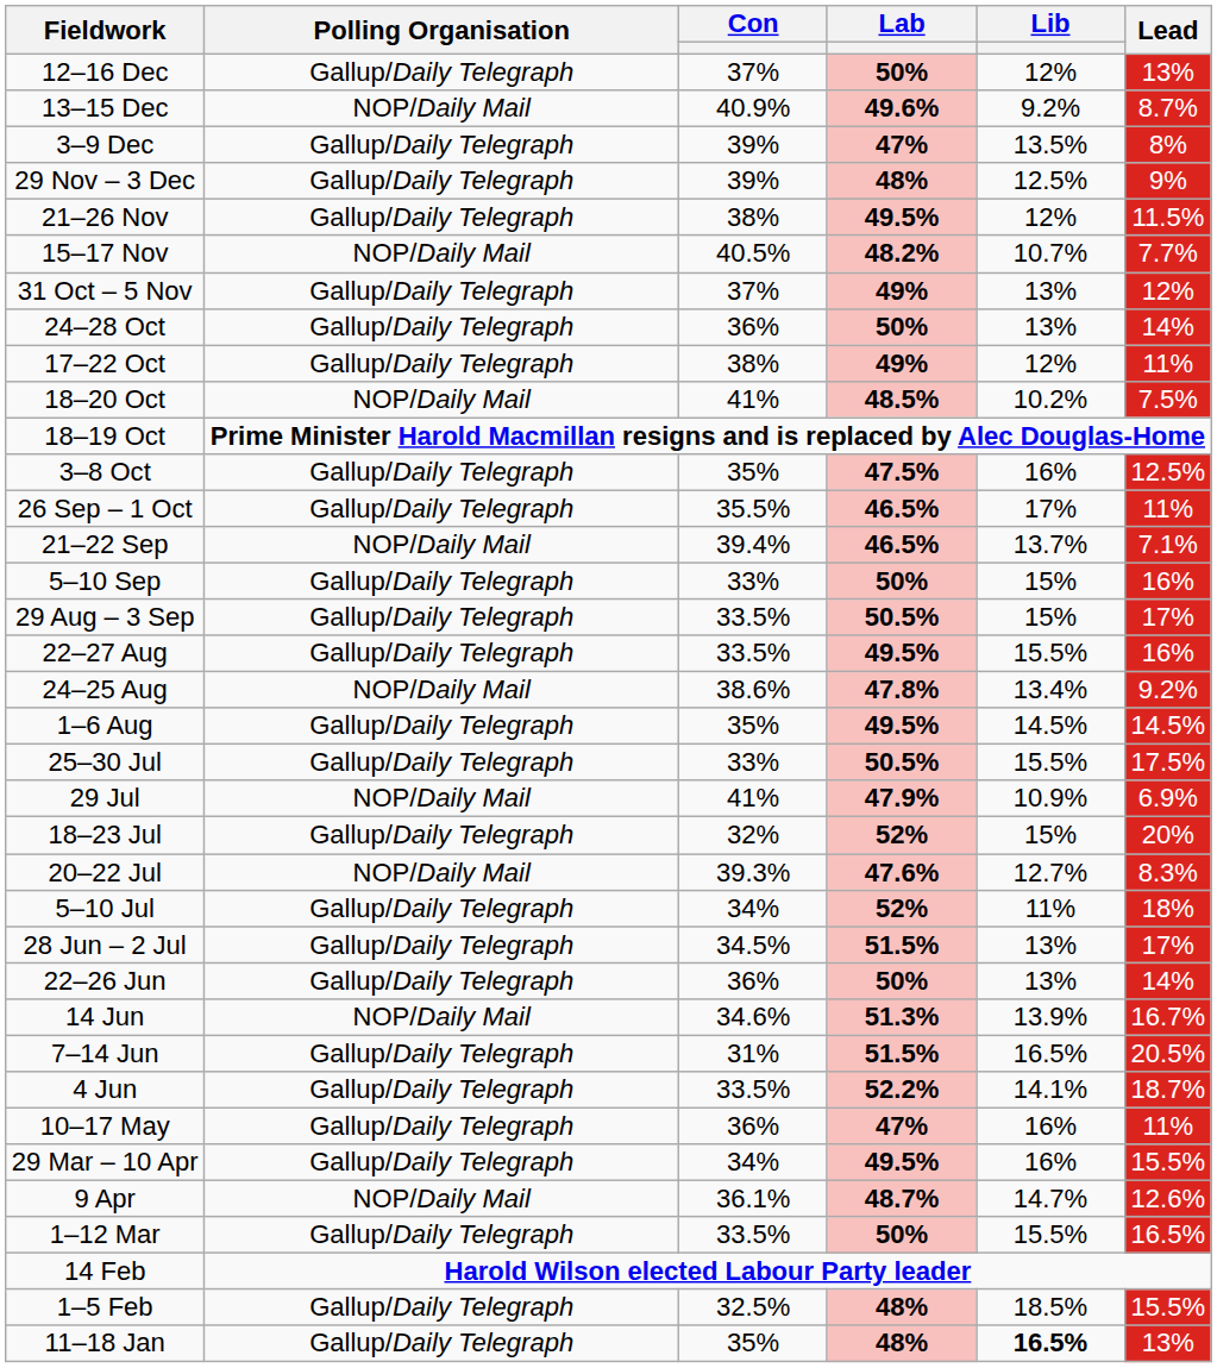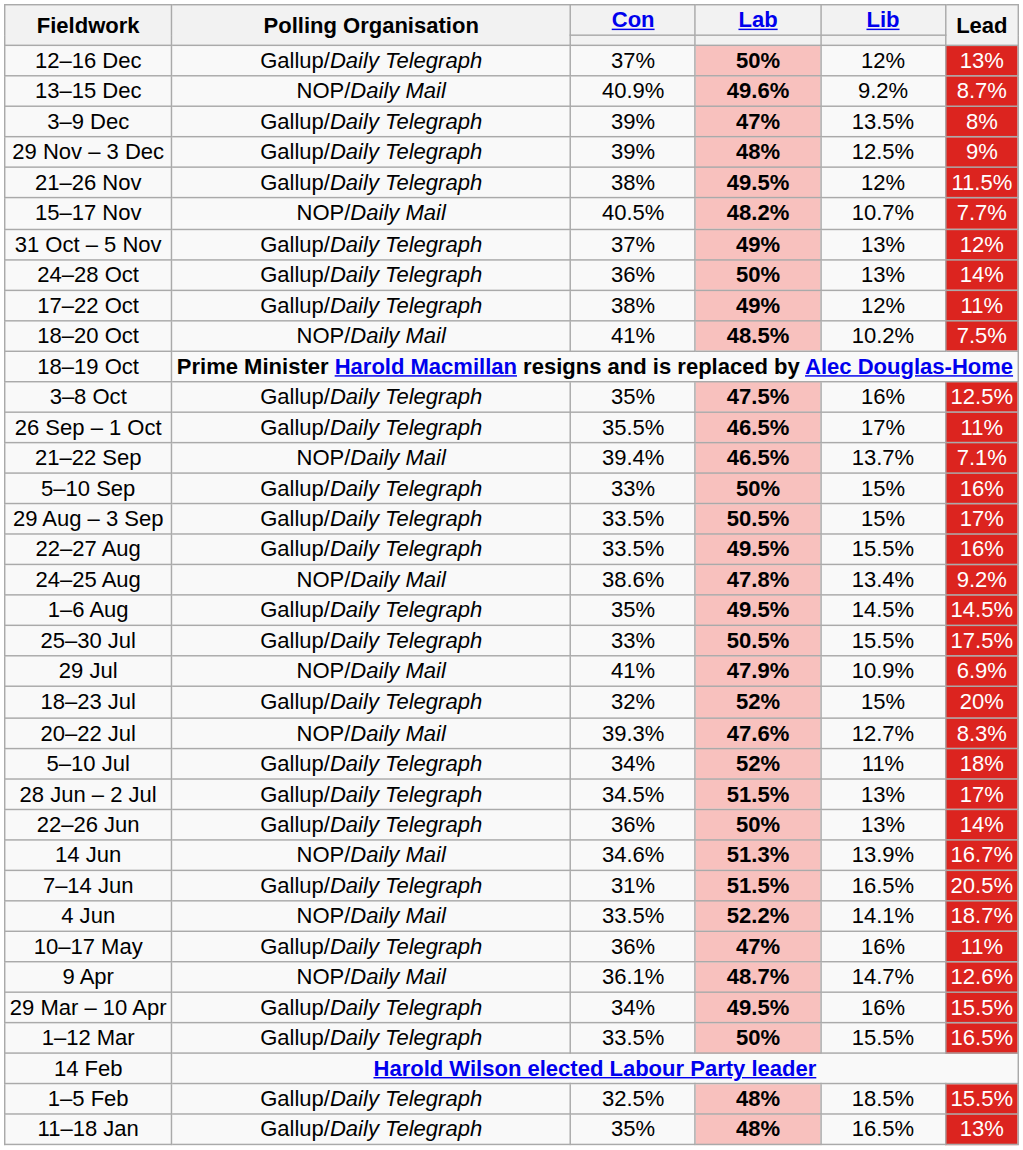 <table class="wikitable" style="text-align: center; line-height: 14px; font-size: 95%;">
 <tr>
 <th rowspan="2">Fieldwork</th>
 <th rowspan="2">Polling Organisation</th>
 <th><a href='#'>Con</a></th>
 <th><a href='#'>Lab</a></th>
 <th><a href='#'>Lib</a></th>
 <th class="unsortable" style="width:20px;" rowspan="2">Lead</th>
 </tr>
 <tr>
 <th style="background:"></th>
 <th style="background:"></th>
 <th style="background:"></th>
 </tr>
 <tr>
 <td>12–16 Dec</td>
 <td>Gallup/<em>Daily Telegraph</em></td>
 <td>37%</td>
 <td style="background:#F8C1BE"><strong>50%</strong></td>
 <td>12%</td>
 <td style="background:#DC241F; color:white;">13%</td>
 </tr>
 <tr>
 <td>13–15 Dec</td>
 <td>NOP/<em>Daily Mail</em></td>
 <td>40.9%</td>
 <td style="background:#F8C1BE"><strong>49.6%</strong></td>
 <td>9.2%</td>
 <td style="background:#DC241F; color:white;">8.7%</td>
 </tr>
 <tr>
 <td>3–9 Dec</td>
 <td>Gallup/<em>Daily Telegraph</em></td>
 <td>39%</td>
 <td style="background:#F8C1BE"><strong>47%</strong></td>
 <td>13.5%</td>
 <td style="background:#DC241F; color:white;">8%</td>
 </tr>
 <tr>
 <td>29 Nov – 3 Dec</td>
 <td>Gallup/<em>Daily Telegraph</em></td>
 <td>39%</td>
 <td style="background:#F8C1BE"><strong>48%</strong></td>
 <td>12.5%</td>
 <td style="background:#DC241F; color:white;">9%</td>
 </tr>
 <tr>
 <td>21–26 Nov</td>
 <td>Gallup/<em>Daily Telegraph</em></td>
 <td>38%</td>
 <td style="background:#F8C1BE"><strong>49.5%</strong></td>
 <td>12%</td>
 <td style="background:#DC241F; color:white;">11.5%</td>
 </tr>
 <tr>
 <td>15–17 Nov</td>
 <td>NOP/<em>Daily Mail</em></td>
 <td>40.5%</td>
 <td style="background:#F8C1BE"><strong>48.2%</strong></td>
 <td>10.7%</td>
 <td style="background:#DC241F; color:white;">7.7%</td>
 </tr>
 <tr>
 <td>31 Oct – 5 Nov</td>
 <td>Gallup/<em>Daily Telegraph</em></td>
 <td>37%</td>
 <td style="background:#F8C1BE"><strong>49%</strong></td>
 <td>13%</td>
 <td style="background:#DC241F; color:white;">12%</td>
 </tr>
 <tr>
 <td>24–28 Oct</td>
 <td>Gallup/<em>Daily Telegraph</em></td>
 <td>36%</td>
 <td style="background:#F8C1BE"><strong>50%</strong></td>
 <td>13%</td>
 <td style="background:#DC241F; color:white;">14%</td>
 </tr>
 <tr>
 <td>17–22 Oct</td>
 <td>Gallup/<em>Daily Telegraph</em></td>
 <td>38%</td>
 <td style="background:#F8C1BE"><strong>49%</strong></td>
 <td>12%</td>
 <td style="background:#DC241F; color:white;">11%</td>
 </tr>
 <tr>
 <td>18–20 Oct</td>
 <td>NOP/<em>Daily Mail</em></td>
 <td>41%</td>
 <td style="background:#F8C1BE"><strong>48.5%</strong></td>
 <td>10.2%</td>
 <td style="background:#DC241F; color:white;">7.5%</td>
 </tr>
 <tr>
 <td>18–19 Oct</td>
 <td colspan="5"><strong>Prime Minister <a href='#'>Harold Macmillan</a> resigns and is replaced by <a href='#'>Alec Douglas-Home</a></strong></td>
 </tr>
 <tr>
 <td>3–8 Oct</td>
 <td>Gallup/<em>Daily Telegraph</em></td>
 <td>35%</td>
 <td style="background:#F8C1BE"><strong>47.5%</strong></td>
 <td>16%</td>
 <td style="background:#DC241F; color:white;">12.5%</td>
 </tr>
 <tr>
 <td>26 Sep – 1 Oct</td>
 <td>Gallup/<em>Daily Telegraph</em></td>
 <td>35.5%</td>
 <td style="background:#F8C1BE"><strong>46.5%</strong></td>
 <td>17%</td>
 <td style="background:#DC241F; color:white;">11%</td>
 </tr>
 <tr>
 <td>21–22 Sep</td>
 <td>NOP/<em>Daily Mail</em></td>
 <td>39.4%</td>
 <td style="background:#F8C1BE"><strong>46.5%</strong></td>
 <td>13.7%</td>
 <td style="background:#DC241F; color:white;">7.1%</td>
 </tr>
 <tr>
 <td>5–10 Sep</td>
 <td>Gallup/<em>Daily Telegraph</em></td>
 <td>33%</td>
 <td style="background:#F8C1BE"><strong>50%</strong></td>
 <td>15%</td>
 <td style="background:#DC241F; color:white;">16%</td>
 </tr>
 <tr>
 <td>29 Aug – 3 Sep</td>
 <td>Gallup/<em>Daily Telegraph</em></td>
 <td>33.5%</td>
 <td style="background:#F8C1BE"><strong>50.5%</strong></td>
 <td>15%</td>
 <td style="background:#DC241F; color:white;">17%</td>
 </tr>
 <tr>
 <td>22–27 Aug</td>
 <td>Gallup/<em>Daily Telegraph</em></td>
 <td>33.5%</td>
 <td style="background:#F8C1BE"><strong>49.5%</strong></td>
 <td>15.5%</td>
 <td style="background:#DC241F; color:white;">16%</td>
 </tr>
 <tr>
 <td>24–25 Aug</td>
 <td>NOP/<em>Daily Mail</em></td>
 <td>38.6%</td>
 <td style="background:#F8C1BE"><strong>47.8%</strong></td>
 <td>13.4%</td>
 <td style="background:#DC241F; color:white;">9.2%</td>
 </tr>
 <tr>
 <td>1–6 Aug</td>
 <td>Gallup/<em>Daily Telegraph</em></td>
 <td>35%</td>
 <td style="background:#F8C1BE"><strong>49.5%</strong></td>
 <td>14.5%</td>
 <td style="background:#DC241F; color:white;">14.5%</td>
 </tr>
 <tr>
 <td>25–30 Jul</td>
 <td>Gallup/<em>Daily Telegraph</em></td>
 <td>33%</td>
 <td style="background:#F8C1BE"><strong>50.5%</strong></td>
 <td>15.5%</td>
 <td style="background:#DC241F; color:white;">17.5%</td>
 </tr>
 <tr>
 <td>29 Jul</td>
 <td>NOP/<em>Daily Mail</em></td>
 <td>41%</td>
 <td style="background:#F8C1BE"><strong>47.9%</strong></td>
 <td>10.9%</td>
 <td style="background:#DC241F; color:white;">6.9%</td>
 </tr>
 <tr>
 <td>18–23 Jul</td>
 <td>Gallup/<em>Daily Telegraph</em></td>
 <td>32%</td>
 <td style="background:#F8C1BE"><strong>52%</strong></td>
 <td>15%</td>
 <td style="background:#DC241F; color:white;">20%</td>
 </tr>
 <tr>
 <td>20–22 Jul</td>
 <td>NOP/<em>Daily Mail</em></td>
 <td>39.3%</td>
 <td style="background:#F8C1BE"><strong>47.6%</strong></td>
 <td>12.7%</td>
 <td style="background:#DC241F; color:white;">8.3%</td>
 </tr>
 <tr>
 <td>5–10 Jul</td>
 <td>Gallup/<em>Daily Telegraph</em></td>
 <td>34%</td>
 <td style="background:#F8C1BE"><strong>52%</strong></td>
 <td>11%</td>
 <td style="background:#DC241F; color:white;">18%</td>
 </tr>
 <tr>
 <td>28 Jun – 2 Jul</td>
 <td>Gallup/<em>Daily Telegraph</em></td>
 <td>34.5%</td>
 <td style="background:#F8C1BE"><strong>51.5%</strong></td>
 <td>13%</td>
 <td style="background:#DC241F; color:white;">17%</td>
 </tr>
 <tr>
 <td>22–26 Jun</td>
 <td>Gallup/<em>Daily Telegraph</em></td>
 <td>36%</td>
 <td style="background:#F8C1BE"><strong>50%</strong></td>
 <td>13%</td>
 <td style="background:#DC241F; color:white;">14%</td>
 </tr>
 <tr>
 <td>14 Jun</td>
 <td>NOP/<em>Daily Mail</em></td>
 <td>34.6%</td>
 <td style="background:#F8C1BE"><strong>51.3%</strong></td>
 <td>13.9%</td>
 <td style="background:#DC241F; color:white;">16.7%</td>
 </tr>
 <tr>
 <td>7–14 Jun</td>
 <td>Gallup/<em>Daily Telegraph</em></td>
 <td>31%</td>
 <td style="background:#F8C1BE"><strong>51.5%</strong></td>
 <td>16.5%</td>
 <td style="background:#DC241F; color:white;">20.5%</td>
 </tr>
 <tr>
 <td>4 Jun</td>
-<td>Gallup/<em>Daily Telegraph</em></td>
+<td>NOP/<em>Daily Mail</em></td>
 <td>33.5%</td>
 <td style="background:#F8C1BE"><strong>52.2%</strong></td>
 <td>14.1%</td>
 <td style="background:#DC241F; color:white;">18.7%</td>
 </tr>
 <tr>
 <td>10–17 May</td>
 <td>Gallup/<em>Daily Telegraph</em></td>
 <td>36%</td>
 <td style="background:#F8C1BE"><strong>47%</strong></td>
 <td>16%</td>
 <td style="background:#DC241F; color:white;">11%</td>
 </tr>
 <tr>
+<td>9 Apr</td>
+<td>NOP/<em>Daily Mail</em></td>
+<td>36.1%</td>
+<td style="background:#F8C1BE"><strong>48.7%</strong></td>
+<td>14.7%</td>
+<td style="background:#DC241F; color:white;">12.6%</td>
+</tr>
+<tr>
 <td>29 Mar – 10 Apr</td>
 <td>Gallup/<em>Daily Telegraph</em></td>
 <td>34%</td>
 <td style="background:#F8C1BE"><strong>49.5%</strong></td>
 <td>16%</td>
 <td style="background:#DC241F; color:white;">15.5%</td>
-</tr>
-<tr>
-<td>9 Apr</td>
-<td>NOP/<em>Daily Mail</em></td>
-<td>36.1%</td>
-<td style="background:#F8C1BE"><strong>48.7%</strong></td>
-<td>14.7%</td>
-<td style="background:#DC241F; color:white;">12.6%</td>
 </tr>
 <tr>
 <td>1–12 Mar</td>
 <td>Gallup/<em>Daily Telegraph</em></td>
 <td>33.5%</td>
 <td style="background:#F8C1BE"><strong>50%</strong></td>
 <td>15.5%</td>
 <td style="background:#DC241F; color:white;">16.5%</td>
 </tr>
 <tr>
 <td>14 Feb</td>
 <td colspan="5"><strong><a href='#'>Harold Wilson elected Labour Party leader</a></strong></td>
 </tr>
 <tr>
 <td>1–5 Feb</td>
 <td>Gallup/<em>Daily Telegraph</em></td>
 <td>32.5%</td>
 <td style="background:#F8C1BE"><strong>48%</strong></td>
 <td>18.5%</td>
 <td style="background:#DC241F; color:white;">15.5%</td>
 </tr>
 <tr>
 <td>11–18 Jan</td>
 <td>Gallup/<em>Daily Telegraph</em></td>
 <td>35%</td>
 <td style="background:#F8C1BE"><strong>48%</strong></td>
-<td><strong>16.5%</strong></td>
+<td>16.5%</td>
 <td style="background:#DC241F; color:white;">13%</td>
 </tr>
 </table>
